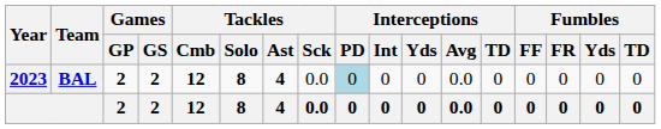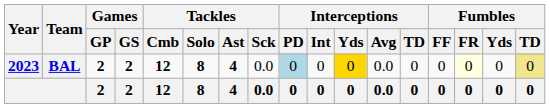 <table class="wikitable" style="text-align:center;">
 <tr>
 <th rowspan="2">Year</th>
 <th rowspan="2">Team</th>
 <th colspan="2">Games</th>
 <th colspan="4">Tackles</th>
 <th colspan="5">Interceptions</th>
 <th colspan="4">Fumbles</th>
 </tr>
 <tr>
 <th>GP</th>
 <th>GS</th>
 <th>Cmb</th>
 <th>Solo</th>
 <th>Ast</th>
 <th>Sck</th>
 <th>PD</th>
 <th>Int</th>
 <th>Yds</th>
 <th>Avg</th>
 <th>TD</th>
 <th>FF</th>
 <th>FR</th>
 <th>Yds</th>
 <th>TD</th>
 </tr>
 <tr>
 <th><a href='#'>2023</a></th>
 <th><a href='#'>BAL</a></th>
 <td><strong>2</strong></td>
 <td><strong>2</strong></td>
 <td><strong>12</strong></td>
 <td><strong>8</strong></td>
 <td><strong>4</strong></td>
 <td>0.0</td>
 <td style="background: lightblue;">0</td>
 <td>0</td>
-<td>0</td>
+<td style="background: gold;">0</td>
 <td>0.0</td>
 <td>0</td>
 <td>0</td>
+<td style="background: lightyellow;">0</td>
 <td>0</td>
-<td>0</td>
-<td>0</td>
+<td style="background: khaki;">0</td>
 </tr>
 <tr>
 <th colspan="2"></th>
 <th>2</th>
 <th>2</th>
 <th>12</th>
 <th>8</th>
 <th>4</th>
 <th>0.0</th>
 <th>0</th>
 <th>0</th>
 <th>0</th>
 <th>0.0</th>
 <th>0</th>
 <th>0</th>
 <th>0</th>
 <th>0</th>
 <th>0</th>
 </tr>
 </table>
